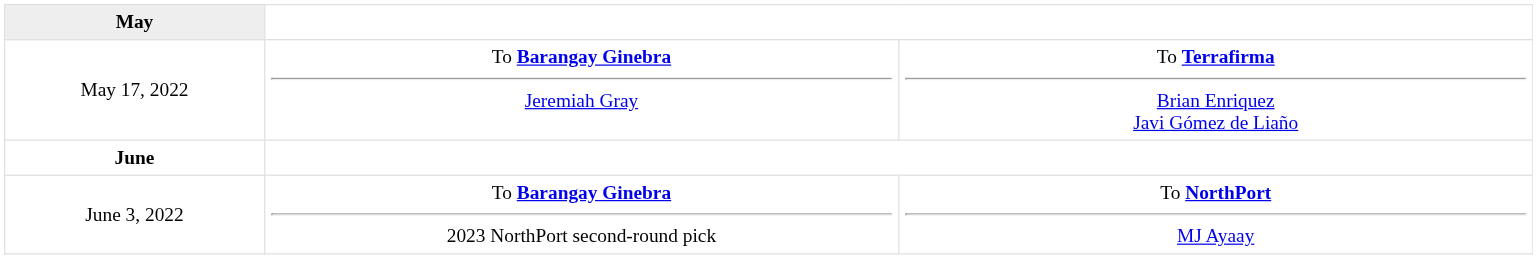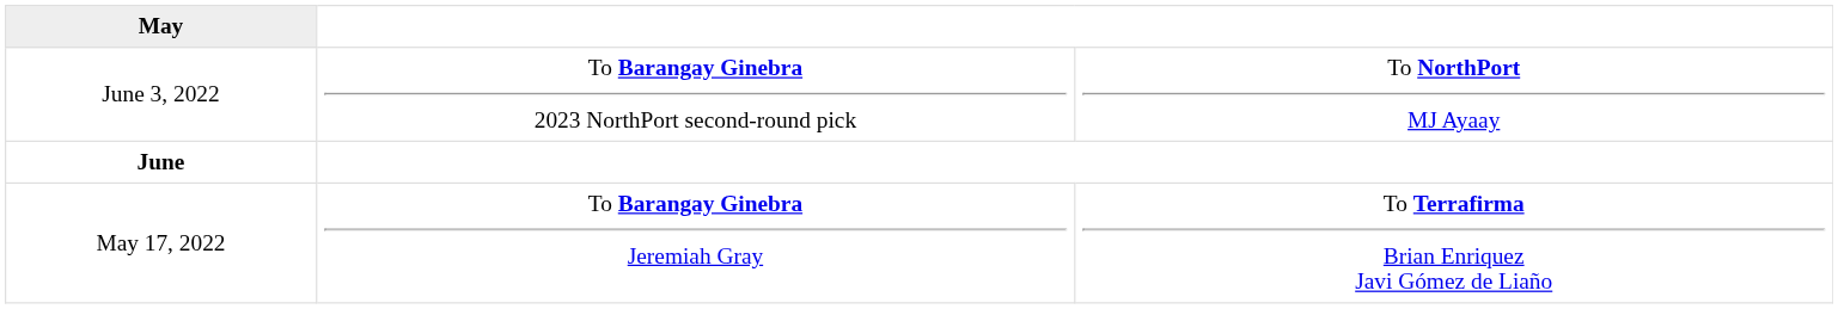 <table border=1 style="border-collapse:collapse; text-align: center; width: 100%" bordercolor="#DFDFDF"  cellpadding="5">
 <tr bgcolor="eeeeee">
 <th>May</th>
+</tr>
+<tr>
+<td style="width:12%">June 3, 2022</td>
+<td style="width:29.3%" valign="top">To <strong><a href='#'>Barangay Ginebra</a></strong><hr>2023 NorthPort second-round pick</td>
+<td style="width:29.3%" valign="top">To <strong><a href='#'>NorthPort</a></strong><hr><a href='#'>MJ Ayaay</a></td>
+</tr>
+<tr>
+<th>June</th>
 </tr>
 <tr>
 <td style="width:12%">May 17, 2022</td>
 <td style="width:29.3%" valign="top">To <strong><a href='#'>Barangay Ginebra</a></strong><hr><a href='#'>Jeremiah Gray</a></td>
 <td style="width:29.3%" valign="top">To <strong><a href='#'>Terrafirma</a></strong><hr><a href='#'>Brian Enriquez</a><br><a href='#'>Javi Gómez de Liaño</a></td>
 </tr>
-<tr>
-<th>June</th>
-</tr>
-<tr>
-<td style="width:12%">June 3, 2022</td>
-<td style="width:29.3%" valign="top">To <strong><a href='#'>Barangay Ginebra</a></strong><hr>2023 NorthPort second-round pick</td>
-<td style="width:29.3%" valign="top">To <strong><a href='#'>NorthPort</a></strong><hr><a href='#'>MJ Ayaay</a></td>
-</tr>
 </table>
